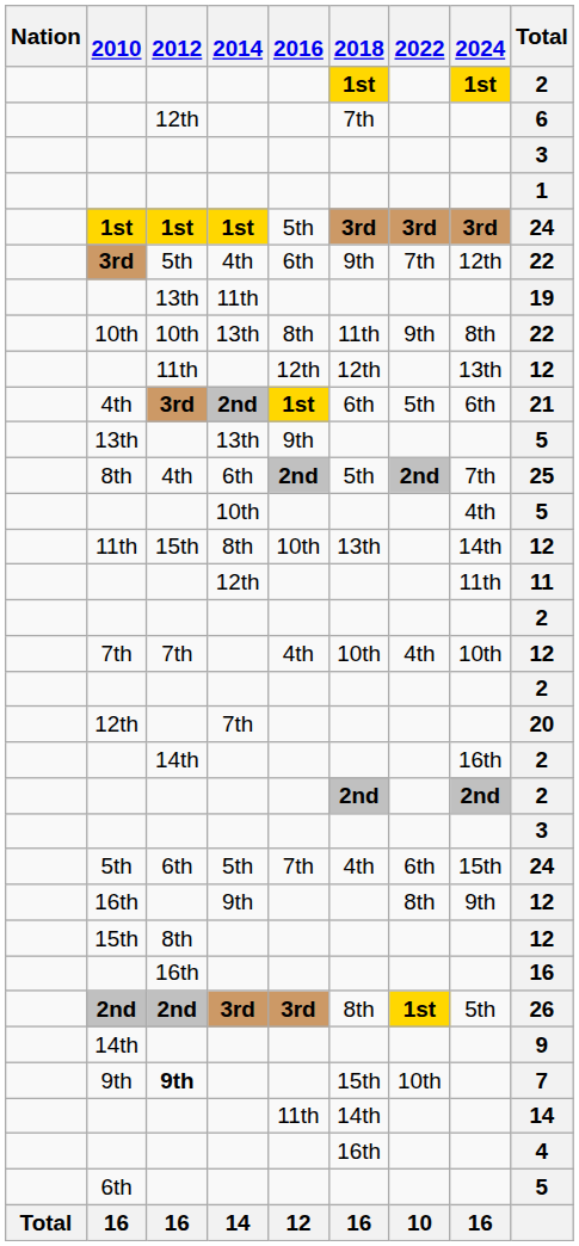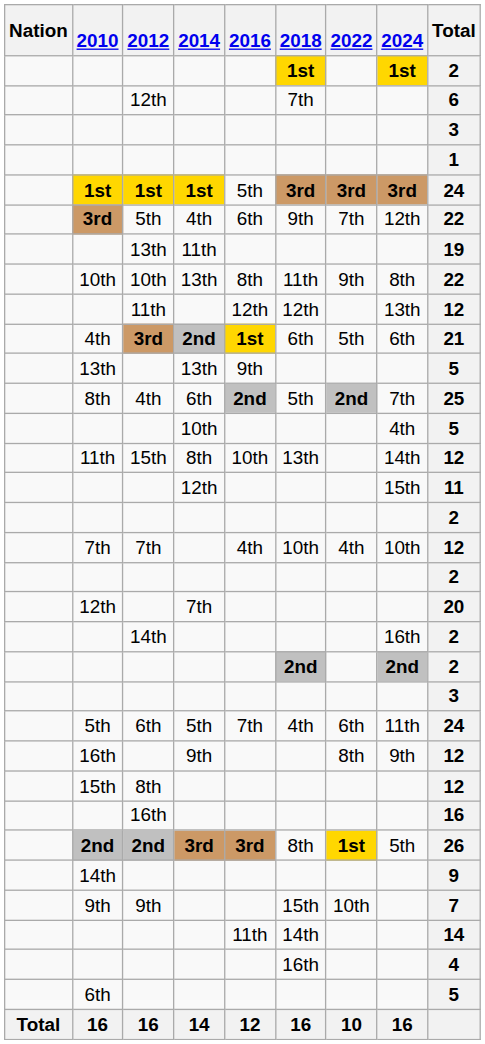 <table class="wikitable" style="text-align:center; font-size:90%">
 <tr>
 <th>Nation</th>
 <th><br><a href='#'>2010</a></th>
 <th><br><a href='#'>2012</a></th>
 <th><br><a href='#'>2014</a></th>
 <th><br><a href='#'>2016</a></th>
 <th><br><a href='#'>2018</a></th>
 <th><br><a href='#'>2022</a></th>
 <th><br> <a href='#'>2024</a></th>
 <th>Total</th>
 </tr>
 <tr>
 <td align=left></td>
 <td></td>
 <td></td>
 <td></td>
 <td></td>
 <td bgcolor=gold><strong>1st</strong></td>
 <td></td>
 <td bgcolor=gold><strong>1st</strong></td>
 <th>2</th>
 </tr>
 <tr>
 <td align=left></td>
 <td></td>
 <td>12th</td>
 <td></td>
 <td></td>
 <td>7th</td>
 <td></td>
 <td></td>
 <th>6</th>
 </tr>
 <tr>
 <td align=left></td>
 <td></td>
 <td></td>
 <td></td>
 <td></td>
 <td></td>
 <td></td>
 <td></td>
 <th>3</th>
 </tr>
 <tr>
 <td align=left></td>
 <td></td>
 <td></td>
 <td></td>
 <td></td>
 <td></td>
 <td></td>
 <td></td>
 <th>1</th>
 </tr>
 <tr>
 <td align=left></td>
 <td bgcolor=gold><strong>1st</strong></td>
 <td bgcolor=gold><strong>1st</strong></td>
 <td bgcolor=gold><strong>1st</strong></td>
 <td>5th</td>
 <td bgcolor=#cc9966><strong>3rd</strong></td>
 <td bgcolor=#cc9966><strong>3rd</strong></td>
 <td bgcolor=#cc9966><strong>3rd</strong></td>
 <th>24</th>
 </tr>
 <tr>
 <td align=left></td>
 <td bgcolor=#cc9966><strong>3rd</strong></td>
 <td>5th</td>
 <td>4th</td>
 <td>6th</td>
 <td>9th</td>
 <td>7th</td>
 <td>12th</td>
 <th>22</th>
 </tr>
 <tr>
 <td align=left></td>
 <td></td>
 <td>13th</td>
 <td>11th</td>
 <td></td>
 <td></td>
 <td></td>
 <td></td>
 <th>19</th>
 </tr>
 <tr>
 <td align=left></td>
 <td>10th</td>
 <td>10th</td>
 <td>13th</td>
 <td>8th</td>
 <td>11th</td>
 <td>9th</td>
 <td>8th</td>
 <th>22</th>
 </tr>
 <tr>
 <td align=left></td>
 <td></td>
 <td>11th</td>
 <td></td>
 <td>12th</td>
 <td>12th</td>
 <td></td>
 <td>13th</td>
 <th>12</th>
 </tr>
 <tr>
 <td align=left></td>
 <td>4th</td>
 <td bgcolor=#cc9966><strong>3rd</strong></td>
 <td bgcolor=silver><strong>2nd</strong></td>
 <td bgcolor=gold><strong>1st</strong></td>
 <td>6th</td>
 <td>5th</td>
 <td>6th</td>
 <th>21</th>
 </tr>
 <tr>
 <td align=left></td>
 <td>13th</td>
 <td></td>
 <td>13th</td>
 <td>9th</td>
 <td></td>
 <td></td>
 <td></td>
 <th>5</th>
 </tr>
 <tr>
 <td align=left></td>
 <td>8th</td>
 <td>4th</td>
 <td>6th</td>
 <td bgcolor=silver><strong>2nd</strong></td>
 <td>5th</td>
 <td bgcolor=silver><strong>2nd</strong></td>
 <td>7th</td>
 <th>25</th>
 </tr>
 <tr>
 <td align=left></td>
 <td></td>
 <td></td>
 <td>10th</td>
 <td></td>
 <td></td>
 <td></td>
 <td>4th</td>
 <th>5</th>
 </tr>
 <tr>
 <td align=left></td>
 <td>11th</td>
 <td>15th</td>
 <td>8th</td>
 <td>10th</td>
 <td>13th</td>
 <td></td>
 <td>14th</td>
 <th>12</th>
 </tr>
 <tr>
 <td align=left></td>
 <td></td>
 <td></td>
 <td>12th</td>
 <td></td>
 <td></td>
 <td></td>
-<td>11th</td>
+<td>15th</td>
 <th>11</th>
 </tr>
 <tr>
 <td align=left></td>
 <td></td>
 <td></td>
 <td></td>
 <td></td>
 <td></td>
 <td></td>
 <td></td>
 <th>2</th>
 </tr>
 <tr>
 <td align=left></td>
 <td>7th</td>
 <td>7th</td>
 <td></td>
 <td>4th</td>
 <td>10th</td>
 <td>4th</td>
 <td>10th</td>
 <th>12</th>
 </tr>
 <tr>
 <td align=left></td>
 <td></td>
 <td></td>
 <td></td>
 <td></td>
 <td></td>
 <td></td>
 <td></td>
 <th>2</th>
 </tr>
 <tr>
 <td align=left></td>
 <td>12th</td>
 <td></td>
 <td>7th</td>
 <td></td>
 <td></td>
 <td></td>
 <td></td>
 <th>20</th>
 </tr>
 <tr>
 <td align=left></td>
 <td></td>
 <td>14th</td>
 <td></td>
 <td></td>
 <td></td>
 <td></td>
 <td>16th</td>
 <th>2</th>
 </tr>
 <tr>
 <td align=left></td>
 <td></td>
 <td></td>
 <td></td>
 <td></td>
 <td bgcolor=silver><strong>2nd</strong></td>
 <td></td>
 <td bgcolor=silver><strong>2nd</strong></td>
 <th>2</th>
 </tr>
 <tr>
 <td align=left></td>
 <td></td>
 <td></td>
 <td></td>
 <td></td>
 <td></td>
 <td></td>
 <td></td>
 <th>3</th>
 </tr>
 <tr>
 <td align=left></td>
 <td>5th</td>
 <td>6th</td>
 <td>5th</td>
 <td>7th</td>
 <td>4th</td>
 <td>6th</td>
-<td>15th</td>
+<td>11th</td>
 <th>24</th>
 </tr>
 <tr>
 <td align=left></td>
 <td>16th</td>
 <td></td>
 <td>9th</td>
 <td></td>
 <td></td>
 <td>8th</td>
 <td>9th</td>
 <th>12</th>
 </tr>
 <tr>
 <td align=left></td>
 <td>15th</td>
 <td>8th</td>
 <td></td>
 <td></td>
 <td></td>
 <td></td>
 <td></td>
 <th>12</th>
 </tr>
 <tr>
 <td align=left></td>
 <td></td>
 <td>16th</td>
 <td></td>
 <td></td>
 <td></td>
 <td></td>
 <td></td>
 <th>16</th>
 </tr>
 <tr>
 <td align=left></td>
 <td bgcolor=silver><strong>2nd</strong></td>
 <td bgcolor=silver><strong>2nd</strong></td>
 <td bgcolor=#cc9966><strong>3rd</strong></td>
 <td bgcolor=#cc9966><strong>3rd</strong></td>
 <td>8th</td>
 <td bgcolor=gold><strong>1st</strong></td>
 <td>5th</td>
 <th>26</th>
 </tr>
 <tr>
 <td align=left></td>
 <td>14th</td>
 <td></td>
 <td></td>
 <td></td>
 <td></td>
 <td></td>
 <td></td>
 <th>9</th>
 </tr>
 <tr>
 <td align=left></td>
 <td>9th</td>
-<td><strong>9th</strong></td>
+<td>9th</td>
 <td></td>
 <td></td>
 <td>15th</td>
 <td>10th</td>
 <td></td>
 <th>7</th>
 </tr>
 <tr>
 <td align=left></td>
 <td></td>
 <td></td>
 <td></td>
 <td>11th</td>
 <td>14th</td>
 <td></td>
 <td></td>
 <th>14</th>
 </tr>
 <tr>
 <td align=left></td>
 <td></td>
 <td></td>
 <td></td>
 <td></td>
 <td>16th</td>
 <td></td>
 <td></td>
 <th>4</th>
 </tr>
 <tr>
 <td align=left></td>
 <td>6th</td>
 <td></td>
 <td></td>
 <td></td>
 <td></td>
 <td></td>
 <td></td>
 <th>5</th>
 </tr>
 <tr>
 <th>Total</th>
 <th>16</th>
 <th>16</th>
 <th>14</th>
 <th>12</th>
 <th>16</th>
 <th>10</th>
 <th>16</th>
 <th></th>
 </tr>
 </table>
